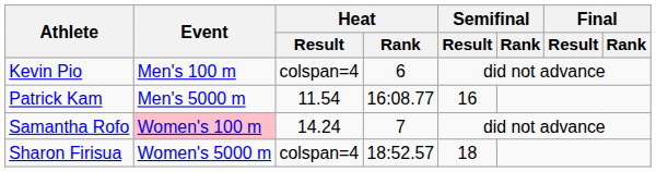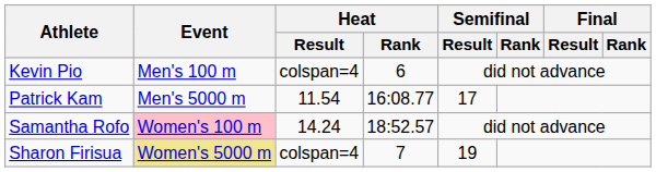 <table class="wikitable" style="font-size:90%">
 <tr>
 <th rowspan=2>Athlete</th>
 <th rowspan=2>Event</th>
 <th colspan=2>Heat</th>
 <th colspan=2>Semifinal</th>
 <th colspan=2>Final</th>
 </tr>
 <tr style="font-size:95%">
 <th>Result</th>
 <th>Rank</th>
 <th>Result</th>
 <th>Rank</th>
 <th>Result</th>
 <th>Rank</th>
 </tr>
 <tr align=center>
 <td align=left><a href='#'>Kevin Pio</a></td>
 <td align=left><a href='#'>Men's 100 m</a></td>
 <td>colspan=4 </td>
 <td>6</td>
 <td colspan=4>did not advance</td>
 </tr>
 <tr align=center>
 <td align=left><a href='#'>Patrick Kam</a></td>
 <td align=left><a href='#'>Men's 5000 m</a></td>
 <td>11.54</td>
 <td>16:08.77</td>
-<td>16</td>
+<td>17</td>
 </tr>
 <tr align=center>
 <td align=left><a href='#'>Samantha Rofo</a></td>
 <td align=left style="background: pink;"><a href='#'>Women's 100 m</a></td>
 <td>14.24</td>
-<td>7</td>
+<td>18:52.57</td>
 <td colspan=4>did not advance</td>
 </tr>
 <tr align=center>
 <td align=left><a href='#'>Sharon Firisua</a></td>
-<td align=left><a href='#'>Women's 5000 m</a></td>
+<td align=left style="background: khaki;"><a href='#'>Women's 5000 m</a></td>
 <td>colspan=4 </td>
-<td>18:52.57</td>
-<td>18</td>
+<td>7</td>
+<td>19</td>
 </tr>
 </table>
